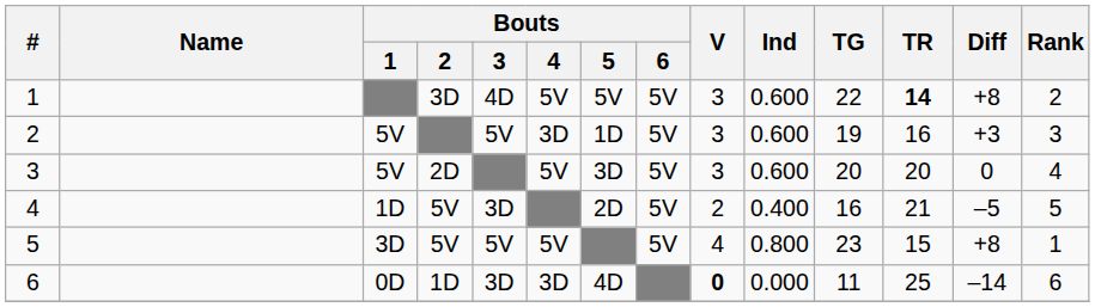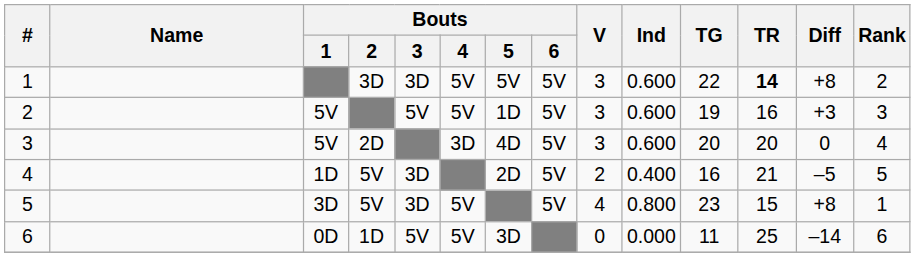 <table class="wikitable" style="text-align:center;">
 <tr>
 <th rowspan=2 width=30>#</th>
 <th rowspan=2 width=200>Name</th>
 <th colspan=6>Bouts</th>
 <th rowspan=2 width=30>V</th>
 <th rowspan=2 width=40>Ind</th>
 <th rowspan=2 width=40>TG</th>
 <th rowspan=2 width=40>TR</th>
 <th rowspan=2 width=40>Diff</th>
 <th rowspan=2 width=30>Rank</th>
 </tr>
 <tr>
 <th width=30>1</th>
 <th width=30>2</th>
 <th width=30>3</th>
 <th width=30>4</th>
 <th width=30>5</th>
 <th width=30>6</th>
 </tr>
 <tr>
 <td>1</td>
 <td align=left></td>
 <td bgcolor=grey></td>
 <td>3D</td>
-<td>4D</td>
+<td>3D</td>
 <td>5V</td>
 <td>5V</td>
 <td>5V</td>
 <td>3</td>
 <td>0.600</td>
 <td>22</td>
 <td><strong>14</strong></td>
 <td>+8</td>
 <td>2</td>
 </tr>
 <tr>
 <td>2</td>
 <td align=left></td>
 <td>5V</td>
 <td bgcolor=grey></td>
 <td>5V</td>
-<td>3D</td>
+<td>5V</td>
 <td>1D</td>
 <td>5V</td>
 <td>3</td>
 <td>0.600</td>
 <td>19</td>
 <td>16</td>
 <td>+3</td>
 <td>3</td>
 </tr>
 <tr>
 <td>3</td>
 <td align=left></td>
 <td>5V</td>
 <td>2D</td>
 <td bgcolor=grey></td>
-<td>5V</td>
 <td>3D</td>
+<td>4D</td>
 <td>5V</td>
 <td>3</td>
 <td>0.600</td>
 <td>20</td>
 <td>20</td>
 <td>0</td>
 <td>4</td>
 </tr>
 <tr>
 <td>4</td>
 <td align=left></td>
 <td>1D</td>
 <td>5V</td>
 <td>3D</td>
 <td bgcolor=grey></td>
 <td>2D</td>
 <td>5V</td>
 <td>2</td>
 <td>0.400</td>
 <td>16</td>
 <td>21</td>
 <td>–5</td>
 <td>5</td>
 </tr>
 <tr>
 <td>5</td>
 <td align=left></td>
 <td>3D</td>
 <td>5V</td>
-<td>5V</td>
+<td>3D</td>
 <td>5V</td>
 <td bgcolor=grey></td>
 <td>5V</td>
 <td>4</td>
 <td>0.800</td>
 <td>23</td>
 <td>15</td>
 <td>+8</td>
 <td>1</td>
 </tr>
 <tr>
 <td>6</td>
 <td align=left></td>
 <td>0D</td>
 <td>1D</td>
+<td>5V</td>
+<td>5V</td>
 <td>3D</td>
-<td>3D</td>
-<td>4D</td>
 <td bgcolor=grey></td>
-<td><strong>0</strong></td>
+<td>0</td>
 <td>0.000</td>
 <td>11</td>
 <td>25</td>
 <td>–14</td>
 <td>6</td>
 </tr>
 <tr>
 </tr>
 </table>
